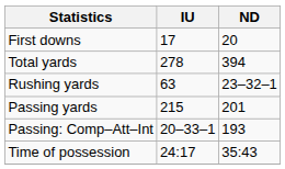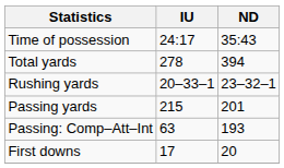 <table class="wikitable" style="float: left;">
 <tr>
 <th>Statistics</th>
 <th>IU</th>
 <th>ND</th>
 </tr>
 <tr>
-<td>First downs</td>
-<td>17</td>
-<td>20</td>
+<td>Time of possession</td>
+<td>24:17</td>
+<td>35:43</td>
 </tr>
 <tr>
 <td>Total yards</td>
 <td>278</td>
 <td>394</td>
 </tr>
 <tr>
 <td>Rushing yards</td>
-<td>63</td>
+<td>20–33–1</td>
 <td>23–32–1</td>
 </tr>
 <tr>
 <td>Passing yards</td>
 <td>215</td>
 <td>201</td>
 </tr>
 <tr>
 <td>Passing: Comp–Att–Int</td>
-<td>20–33–1</td>
+<td>63</td>
 <td>193</td>
 </tr>
 <tr>
-<td>Time of possession</td>
-<td>24:17</td>
-<td>35:43</td>
+<td>First downs</td>
+<td>17</td>
+<td>20</td>
 </tr>
 <tr>
 </tr>
 </table>
